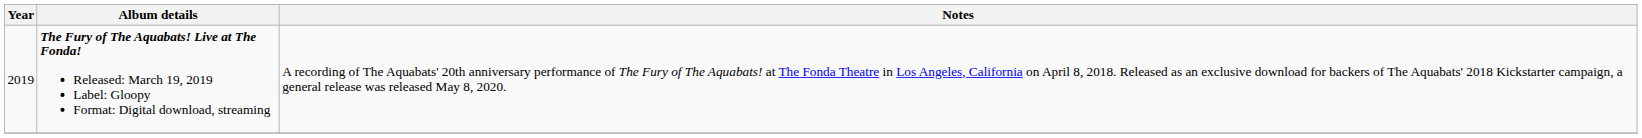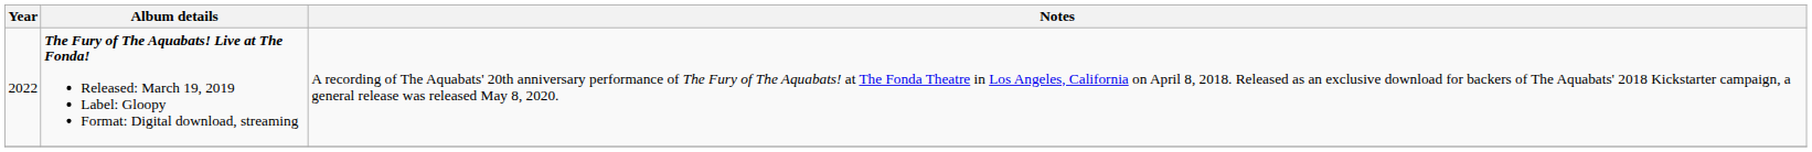 <table class="wikitable">
 <tr>
 <th rowspan="1">Year</th>
 <th rowspan="1">Album details</th>
 <th colspan="1">Notes</th>
 </tr>
 <tr>
-<td>2019</td>
+<td>2022</td>
 <td><strong><em>The Fury of The Aquabats! Live at The Fonda!</em></strong><br><ul><li>Released: March 19, 2019</li><li>Label: Gloopy</li><li>Format: Digital download, streaming</li></ul></td>
 <td>A recording of The Aquabats' 20th anniversary performance of <em>The Fury of The Aquabats!</em> at <a href='#'>The Fonda Theatre</a> in <a href='#'>Los Angeles, California</a> on April 8, 2018. Released as an exclusive download for backers of The Aquabats' 2018 Kickstarter campaign, a general release was released May 8, 2020.</td>
 </tr>
 <tr>
 </tr>
 </table>
